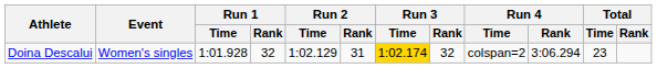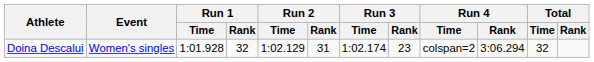 <table class="wikitable" style="font-size:90%">
 <tr>
 <th rowspan=2>Athlete</th>
 <th rowspan=2>Event</th>
 <th colspan=2>Run 1</th>
 <th colspan=2>Run 2</th>
 <th colspan=2>Run 3</th>
 <th colspan=2>Run 4</th>
 <th colspan=2>Total</th>
 </tr>
 <tr style="font-size:95%">
 <th>Time</th>
 <th>Rank</th>
 <th>Time</th>
 <th>Rank</th>
 <th>Time</th>
 <th>Rank</th>
 <th>Time</th>
 <th>Rank</th>
 <th>Time</th>
 <th>Rank</th>
 </tr>
 <tr align=center>
 <td align=left><a href='#'>Doina Descalui</a></td>
 <td align=left><a href='#'>Women's singles</a></td>
 <td>1:01.928</td>
 <td>32</td>
 <td>1:02.129</td>
 <td>31</td>
-<td style="background: gold;">1:02.174</td>
-<td>32</td>
+<td>1:02.174</td>
+<td>23</td>
 <td>colspan=2 </td>
 <td>3:06.294</td>
-<td>23</td>
+<td>32</td>
 </tr>
 </table>
